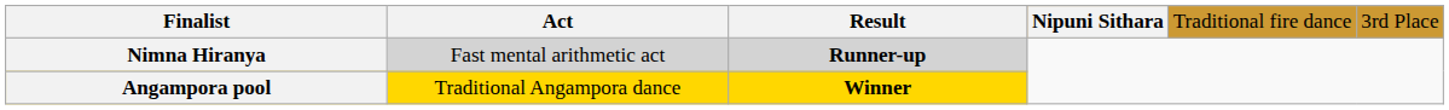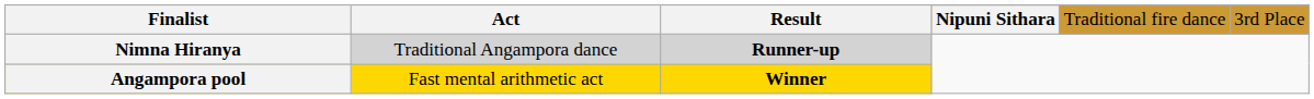 <table class="wikitable plainrowheaders sortable" style="text-align:center;">
 <tr>
 <th scope="col" rowspan="2" class="unsortable" style="width:18em;">Finalist</th>
 <th scope="col" rowspan="2" class="unsortable" style="width:16em;">Act</th>
 <th scope="col" rowspan="2" style="width:14em;">Result</th>
 </tr>
 <tr bgcolor=#cc9933>
 <th scope="row">Nipuni Sithara </th>
 <td>Traditional fire dance</td>
 <td>3rd Place</td>
 </tr>
 <tr bgcolor=lightgrey>
 <th scope="row">Nimna Hiranya</th>
-<td>Fast mental arithmetic act</td>
+<td>Traditional Angampora dance</td>
 <td><strong>Runner-up</strong></td>
 </tr>
 <tr bgcolor=gold>
 <th scope="row">Angampora pool </th>
-<td>Traditional Angampora dance</td>
+<td>Fast mental arithmetic act</td>
 <td><strong>Winner</strong></td>
 </tr>
 </table>
